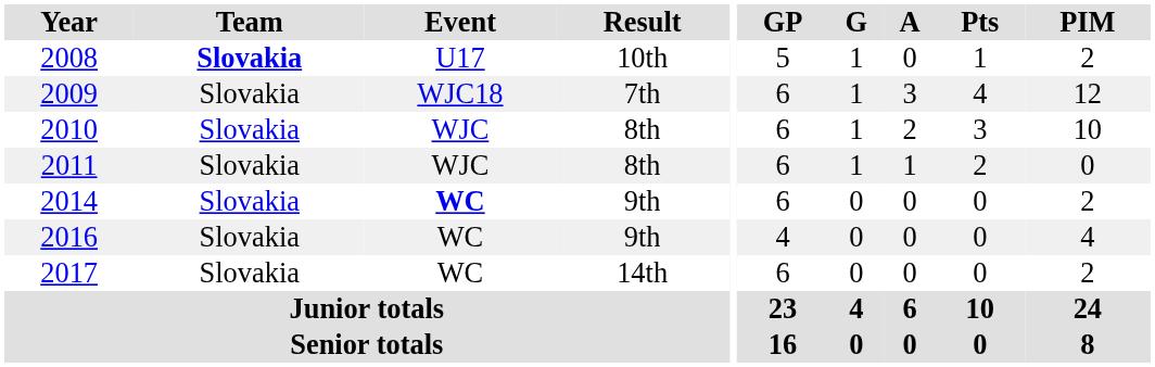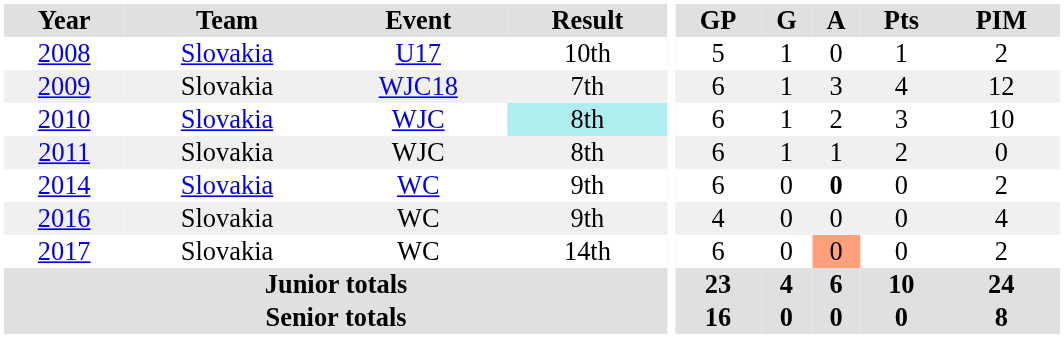 <table border="0" cellpadding="1" cellspacing="0" ID="Table3" style="text-align:center; width:40em">
 <tr ALIGN="center" bgcolor="#e0e0e0">
 <th>Year</th>
 <th>Team</th>
 <th>Event</th>
 <th>Result</th>
 <th rowspan="99" bgcolor="#ffffff"></th>
 <th>GP</th>
 <th>G</th>
 <th>A</th>
 <th>Pts</th>
 <th>PIM</th>
 </tr>
 <tr>
 <td><a href='#'>2008</a></td>
-<td><strong><a href='#'>Slovakia</a></strong></td>
+<td><a href='#'>Slovakia</a></td>
 <td><a href='#'>U17</a></td>
 <td>10th</td>
 <td>5</td>
 <td>1</td>
 <td>0</td>
 <td>1</td>
 <td>2</td>
 </tr>
 <tr bgcolor="#f0f0f0">
 <td><a href='#'>2009</a></td>
 <td>Slovakia</td>
 <td><a href='#'>WJC18</a></td>
 <td>7th</td>
 <td>6</td>
 <td>1</td>
 <td>3</td>
 <td>4</td>
 <td>12</td>
 </tr>
 <tr>
 <td><a href='#'>2010</a></td>
 <td><a href='#'>Slovakia</a></td>
 <td><a href='#'>WJC</a></td>
-<td>8th</td>
+<td style="background: paleturquoise;">8th</td>
 <td>6</td>
 <td>1</td>
 <td>2</td>
 <td>3</td>
 <td>10</td>
 </tr>
 <tr bgcolor="#f0f0f0">
 <td><a href='#'>2011</a></td>
 <td>Slovakia</td>
 <td>WJC</td>
 <td>8th</td>
 <td>6</td>
 <td>1</td>
 <td>1</td>
 <td>2</td>
 <td>0</td>
 </tr>
 <tr>
 <td><a href='#'>2014</a></td>
 <td><a href='#'>Slovakia</a></td>
-<td><strong><a href='#'>WC</a></strong></td>
+<td><a href='#'>WC</a></td>
 <td>9th</td>
 <td>6</td>
 <td>0</td>
-<td>0</td>
+<td><strong>0</strong></td>
 <td>0</td>
 <td>2</td>
 </tr>
 <tr bgcolor="#f0f0f0">
 <td><a href='#'>2016</a></td>
 <td>Slovakia</td>
 <td>WC</td>
 <td>9th</td>
 <td>4</td>
 <td>0</td>
 <td>0</td>
 <td>0</td>
 <td>4</td>
 </tr>
 <tr>
 <td><a href='#'>2017</a></td>
 <td>Slovakia</td>
 <td>WC</td>
 <td>14th</td>
 <td>6</td>
 <td>0</td>
-<td>0</td>
+<td style="background: lightsalmon;">0</td>
 <td>0</td>
 <td>2</td>
 </tr>
 <tr bgcolor="#e0e0e0">
 <th colspan="4">Junior totals</th>
 <th>23</th>
 <th>4</th>
 <th>6</th>
 <th>10</th>
 <th>24</th>
 </tr>
 <tr bgcolor="#e0e0e0">
 <th colspan=4>Senior totals</th>
 <th>16</th>
 <th>0</th>
 <th>0</th>
 <th>0</th>
 <th>8</th>
 </tr>
 </table>
